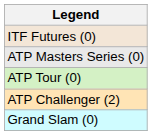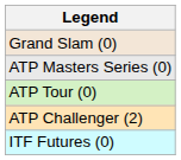 <table class="wikitable sortable mw-collapsible mw-collapsed">
 <tr>
 <th>Legend</th>
 </tr>
 <tr style="background:#f3e6d7;">
-<td>ITF Futures (0)</td>
+<td>Grand Slam (0)</td>
 </tr>
 <tr style="background:#e9e9e9;">
 <td>ATP Masters Series (0)</td>
 </tr>
 <tr style="background:#d4f1c5;">
 <td>ATP Tour (0)</td>
 </tr>
 <tr bgcolor="moccasin">
 <td>ATP Challenger (2)</td>
 </tr>
 <tr bgcolor="CFFCFF">
-<td>Grand Slam (0)</td>
+<td>ITF Futures (0)</td>
 </tr>
 </table>
